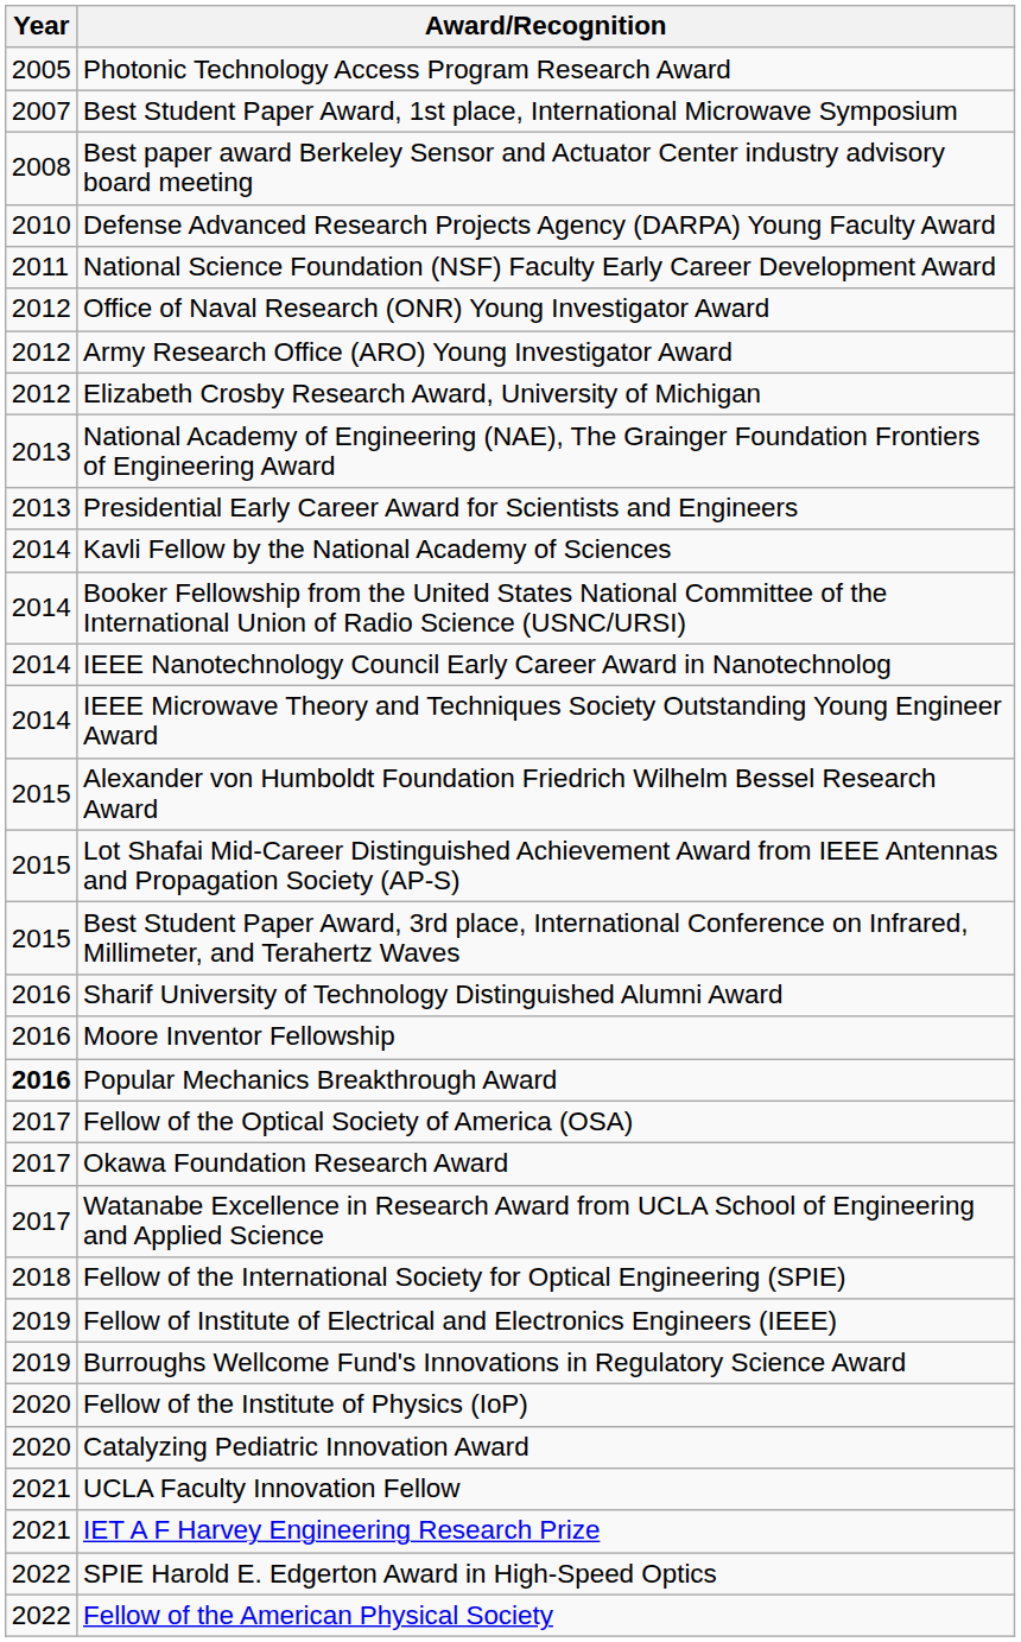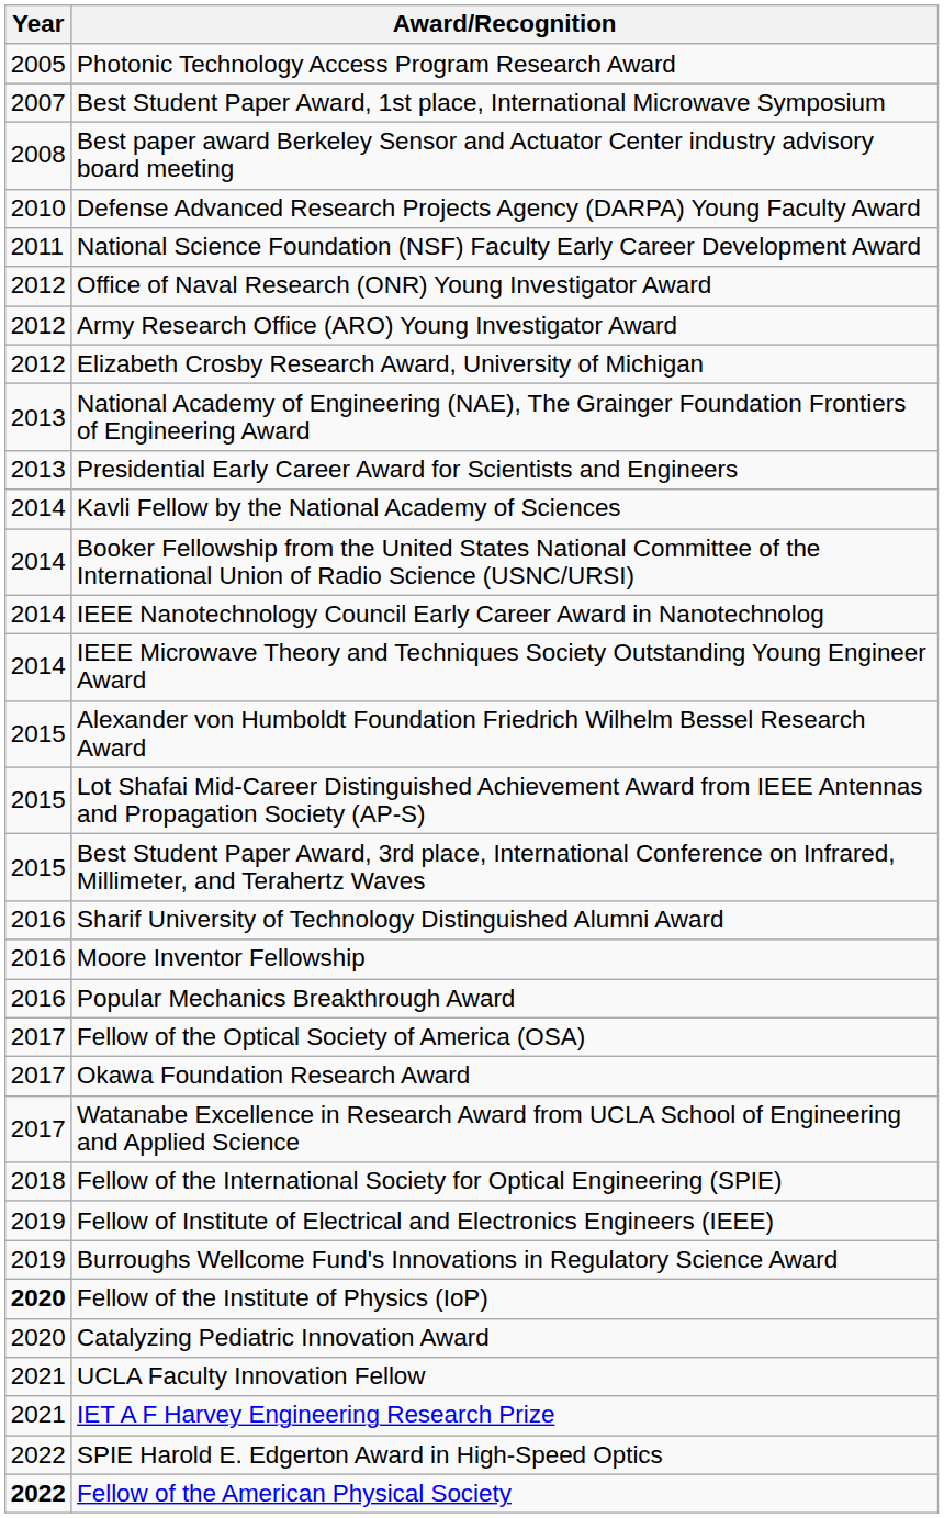 <table class="wikitable">
 <tr>
 <th>Year</th>
 <th>Award/Recognition</th>
 </tr>
 <tr>
 <td>2005</td>
 <td>Photonic Technology Access Program Research Award</td>
 </tr>
 <tr>
 <td>2007</td>
 <td>Best Student Paper Award, 1st place, International Microwave Symposium</td>
 </tr>
 <tr>
 <td>2008</td>
 <td>Best paper award Berkeley Sensor and Actuator Center industry advisory board meeting</td>
 </tr>
 <tr>
 <td>2010</td>
 <td>Defense Advanced Research Projects Agency (DARPA) Young Faculty Award</td>
 </tr>
 <tr>
 <td>2011</td>
 <td>National Science Foundation (NSF) Faculty Early Career Development Award</td>
 </tr>
 <tr>
 <td>2012</td>
 <td>Office of Naval Research (ONR) Young Investigator Award</td>
 </tr>
 <tr>
 <td>2012</td>
 <td>Army Research Office (ARO) Young Investigator Award</td>
 </tr>
 <tr>
 <td>2012</td>
 <td>Elizabeth Crosby Research Award, University of Michigan</td>
 </tr>
 <tr>
 <td>2013</td>
 <td>National Academy of Engineering (NAE), The Grainger Foundation Frontiers of Engineering Award</td>
 </tr>
 <tr>
 <td>2013</td>
 <td>Presidential Early Career Award for Scientists and Engineers</td>
 </tr>
 <tr>
 <td>2014</td>
 <td>Kavli Fellow by the National Academy of Sciences</td>
 </tr>
 <tr>
 <td>2014</td>
 <td>Booker Fellowship from the United States National Committee of the International Union of Radio Science (USNC/URSI)</td>
 </tr>
 <tr>
 <td>2014</td>
 <td>IEEE Nanotechnology Council Early Career Award in Nanotechnolog</td>
 </tr>
 <tr>
 <td>2014</td>
 <td>IEEE Microwave Theory and Techniques Society Outstanding Young Engineer Award</td>
 </tr>
 <tr>
 <td>2015</td>
 <td>Alexander von Humboldt Foundation Friedrich Wilhelm Bessel Research Award</td>
 </tr>
 <tr>
 <td>2015</td>
 <td>Lot Shafai Mid-Career Distinguished Achievement Award from IEEE Antennas and Propagation Society (AP-S)</td>
 </tr>
 <tr>
 <td>2015</td>
 <td>Best Student Paper Award, 3rd place, International Conference on Infrared, Millimeter, and Terahertz Waves</td>
 </tr>
 <tr>
 <td>2016</td>
 <td>Sharif University of Technology Distinguished Alumni Award</td>
 </tr>
 <tr>
 <td>2016</td>
 <td>Moore Inventor Fellowship</td>
 </tr>
 <tr>
-<td><strong>2016</strong></td>
+<td>2016</td>
 <td>Popular Mechanics Breakthrough Award</td>
 </tr>
 <tr>
 <td>2017</td>
 <td>Fellow of the Optical Society of America (OSA)</td>
 </tr>
 <tr>
 <td>2017</td>
 <td>Okawa Foundation Research Award</td>
 </tr>
 <tr>
 <td>2017</td>
 <td>Watanabe Excellence in Research Award from UCLA School of Engineering and Applied Science</td>
 </tr>
 <tr>
 <td>2018</td>
 <td>Fellow of the International Society for Optical Engineering (SPIE)</td>
 </tr>
 <tr>
 <td>2019</td>
 <td>Fellow of Institute of Electrical and Electronics Engineers (IEEE)</td>
 </tr>
 <tr>
 <td>2019</td>
 <td>Burroughs Wellcome Fund's Innovations in Regulatory Science Award</td>
 </tr>
 <tr>
-<td>2020</td>
+<td><strong>2020</strong></td>
 <td>Fellow of the Institute of Physics (IoP)</td>
 </tr>
 <tr>
 <td>2020</td>
 <td>Catalyzing Pediatric Innovation Award</td>
 </tr>
 <tr>
 <td>2021</td>
 <td>UCLA Faculty Innovation Fellow</td>
 </tr>
 <tr>
 <td>2021</td>
 <td><a href='#'>IET A F Harvey Engineering Research Prize</a></td>
 </tr>
 <tr>
 <td>2022</td>
 <td>SPIE Harold E. Edgerton Award in High-Speed Optics</td>
 </tr>
 <tr>
-<td>2022</td>
+<td><strong>2022</strong></td>
 <td><a href='#'>Fellow of the American Physical Society</a></td>
 </tr>
 </table>
